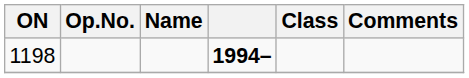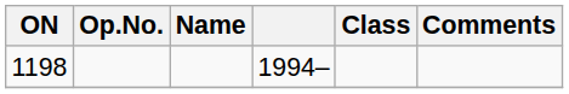 <table class="wikitable">
 <tr>
 <th>ON</th>
 <th>Op.No.</th>
 <th>Name</th>
 <th></th>
 <th>Class</th>
 <th>Comments</th>
 </tr>
 <tr>
 <td>1198</td>
 <td></td>
 <td></td>
-<td><strong>1994–</strong></td>
+<td>1994–</td>
 <td></td>
 <td></td>
 </tr>
 <tr>
 </tr>
 </table>
